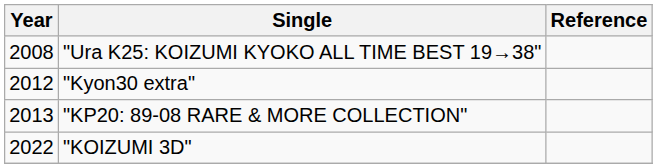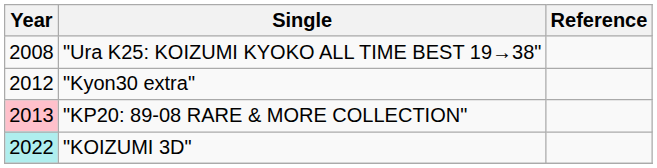 <table class="wikitable plainrowheaders" style="text-align:center;">
 <tr>
 <th scope="col">Year</th>
 <th scope="col">Single</th>
 <th scope="col">Reference</th>
 </tr>
 <tr>
 <td rowspan="1">2008</td>
 <td style="text-align:left;">"Ura K25: KOIZUMI KYOKO ALL TIME BEST 19→38"<br></td>
 <td></td>
 </tr>
 <tr>
 <td rowspan="1">2012</td>
 <td style="text-align:left;">"Kyon30 extra"<br></td>
 <td></td>
 </tr>
 <tr>
-<td rowspan="1">2013</td>
+<td rowspan="1" style="background: pink;">2013</td>
 <td style="text-align:left;">"KP20: 89-08 RARE & MORE COLLECTION"<br></td>
 <td></td>
 </tr>
 <tr>
-<td rowspan="1">2022</td>
+<td rowspan="1" style="background: paleturquoise;">2022</td>
 <td style="text-align:left;">"KOIZUMI 3D"<br></td>
 <td></td>
 </tr>
 <tr>
 </tr>
 </table>
